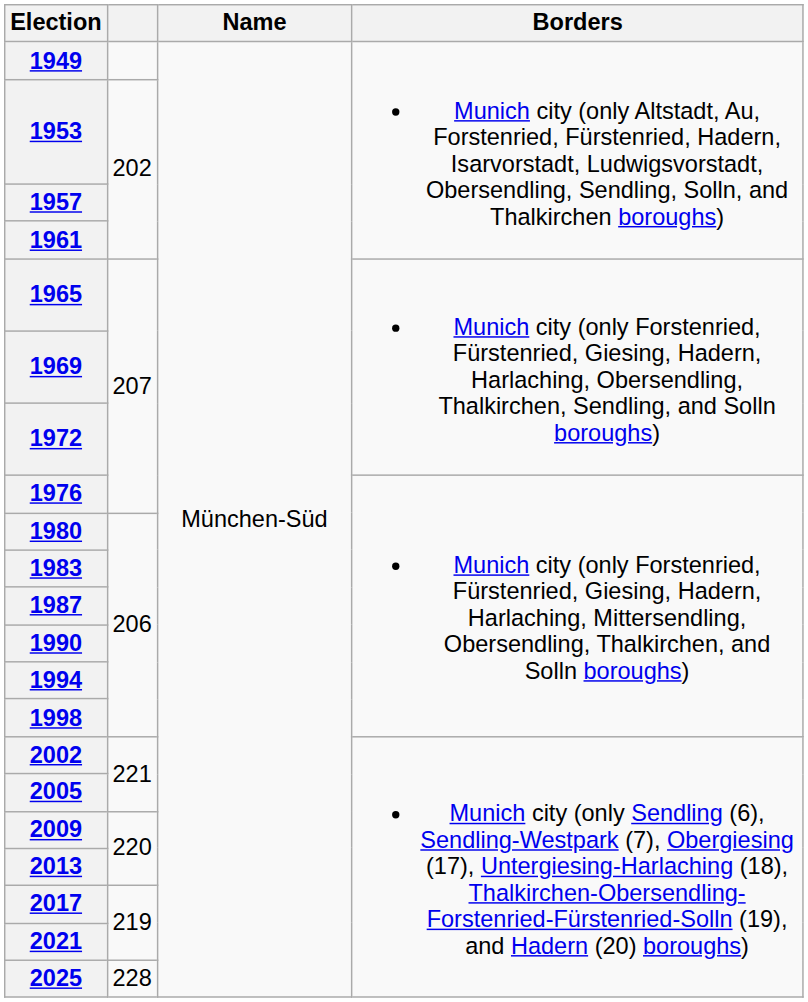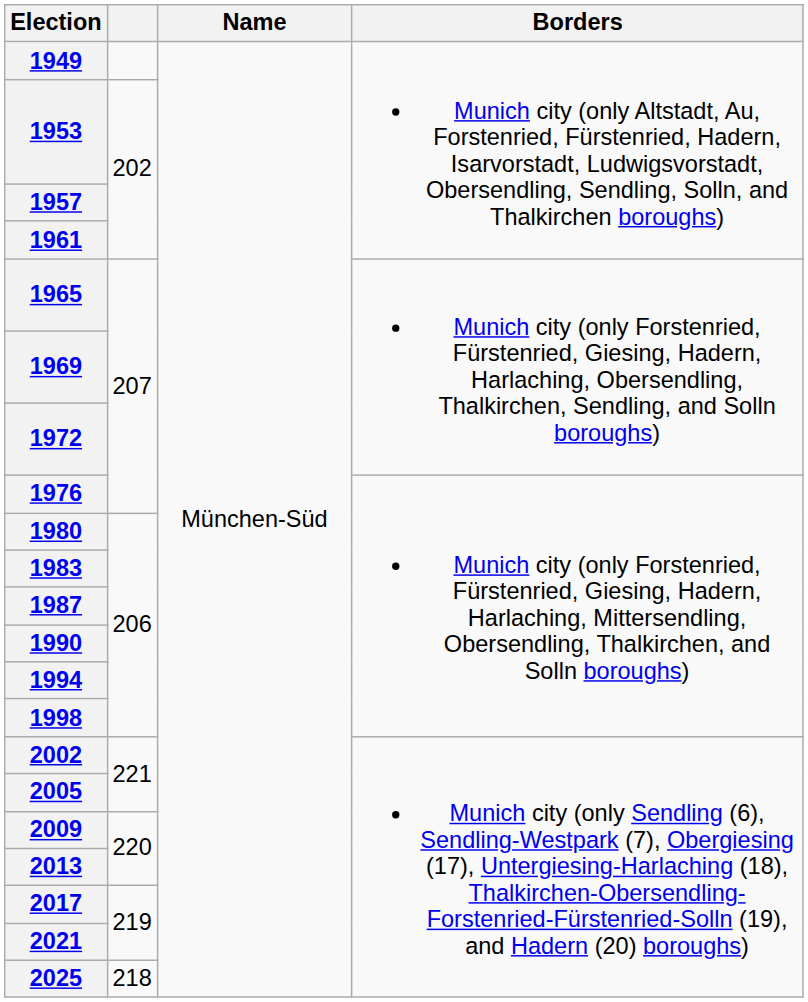 <table class=wikitable style="text-align:center">
 <tr>
 <th>Election</th>
 <th></th>
 <th width=125px>Name</th>
 <th width=300px>Borders</th>
 </tr>
 <tr>
 <th><a href='#'>1949</a></th>
 <td></td>
 <td rowspan=21>München-Süd</td>
 <td rowspan=4><br><ul><li><a href='#'>Munich</a> city (only Altstadt, Au, Forstenried, Fürstenried, Hadern, Isarvorstadt, Ludwigsvorstadt, Obersendling, Sendling, Solln, and Thalkirchen <a href='#'>boroughs</a>)</li></ul></td>
 </tr>
 <tr>
 <th><a href='#'>1953</a></th>
 <td rowspan=3>202</td>
 </tr>
 <tr>
 <th><a href='#'>1957</a></th>
 </tr>
 <tr>
 <th><a href='#'>1961</a></th>
 </tr>
 <tr>
 <th><a href='#'>1965</a></th>
 <td rowspan=4>207</td>
 <td rowspan=3><br><ul><li><a href='#'>Munich</a> city (only Forstenried, Fürstenried, Giesing, Hadern, Harlaching, Obersendling, Thalkirchen, Sendling, and Solln <a href='#'>boroughs</a>)</li></ul></td>
 </tr>
 <tr>
 <th><a href='#'>1969</a></th>
 </tr>
 <tr>
 <th><a href='#'>1972</a></th>
 </tr>
 <tr>
 <th><a href='#'>1976</a></th>
 <td rowspan=7><br><ul><li><a href='#'>Munich</a> city (only Forstenried, Fürstenried, Giesing, Hadern, Harlaching, Mittersendling, Obersendling, Thalkirchen, and Solln <a href='#'>boroughs</a>)</li></ul></td>
 </tr>
 <tr>
 <th><a href='#'>1980</a></th>
 <td rowspan=6>206</td>
 </tr>
 <tr>
 <th><a href='#'>1983</a></th>
 </tr>
 <tr>
 <th><a href='#'>1987</a></th>
 </tr>
 <tr>
 <th><a href='#'>1990</a></th>
 </tr>
 <tr>
 <th><a href='#'>1994</a></th>
 </tr>
 <tr>
 <th><a href='#'>1998</a></th>
 </tr>
 <tr>
 <th><a href='#'>2002</a></th>
 <td rowspan=2>221</td>
 <td rowspan=7><br><ul><li><a href='#'>Munich</a> city (only <a href='#'>Sendling</a> (6), <a href='#'>Sendling-Westpark</a> (7), <a href='#'>Obergiesing</a> (17), <a href='#'>Untergiesing-Harlaching</a> (18), <a href='#'>Thalkirchen-Obersendling-Forstenried-Fürstenried-Solln</a> (19), and <a href='#'>Hadern</a> (20) <a href='#'>boroughs</a>)</li></ul></td>
 </tr>
 <tr>
 <th><a href='#'>2005</a></th>
 </tr>
 <tr>
 <th><a href='#'>2009</a></th>
 <td rowspan=2>220</td>
 </tr>
 <tr>
 <th><a href='#'>2013</a></th>
 </tr>
 <tr>
 <th><a href='#'>2017</a></th>
 <td rowspan=2>219</td>
 </tr>
 <tr>
 <th><a href='#'>2021</a></th>
 </tr>
 <tr>
 <th><a href='#'>2025</a></th>
-<td>228</td>
+<td>218</td>
 </tr>
 </table>
